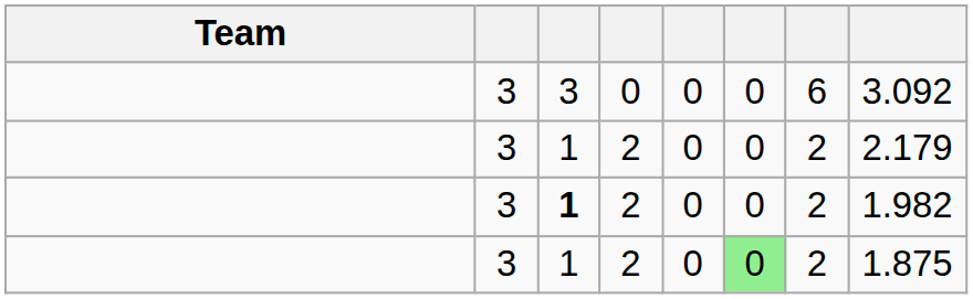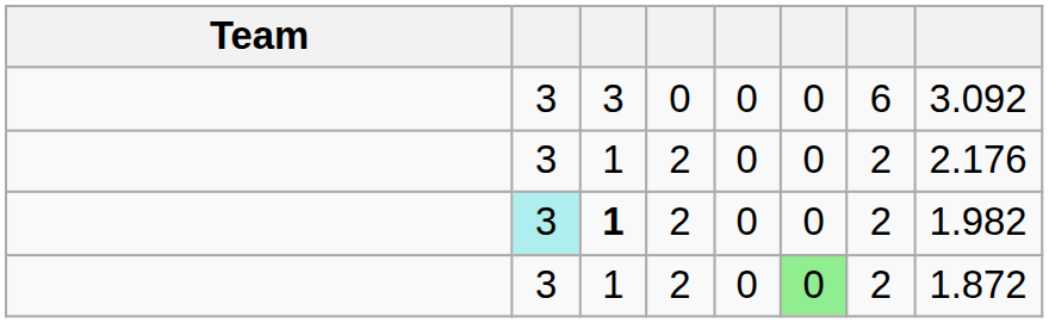 <table class="wikitable" style="text-align:center">
 <tr>
 <th width=200>Team</th>
 <th width=20></th>
 <th width=20></th>
 <th width=20></th>
 <th width=20></th>
 <th width=20></th>
 <th width=20></th>
 <th width=45></th>
 </tr>
 <tr>
 <td align="left"></td>
 <td>3</td>
 <td>3</td>
 <td>0</td>
 <td>0</td>
 <td>0</td>
 <td>6</td>
 <td>3.092</td>
 </tr>
 <tr>
 <td align="left"></td>
 <td>3</td>
 <td>1</td>
 <td>2</td>
 <td>0</td>
 <td>0</td>
 <td>2</td>
-<td>2.179</td>
+<td>2.176</td>
 </tr>
 <tr>
 <td align="left"></td>
-<td>3</td>
+<td style="background: paleturquoise;">3</td>
 <td><strong>1</strong></td>
 <td>2</td>
 <td>0</td>
 <td>0</td>
 <td>2</td>
 <td>1.982</td>
 </tr>
 <tr>
 <td align="left"></td>
 <td>3</td>
 <td>1</td>
 <td>2</td>
 <td>0</td>
 <td style="background: lightgreen;">0</td>
 <td>2</td>
-<td>1.875</td>
+<td>1.872</td>
 </tr>
 </table>
